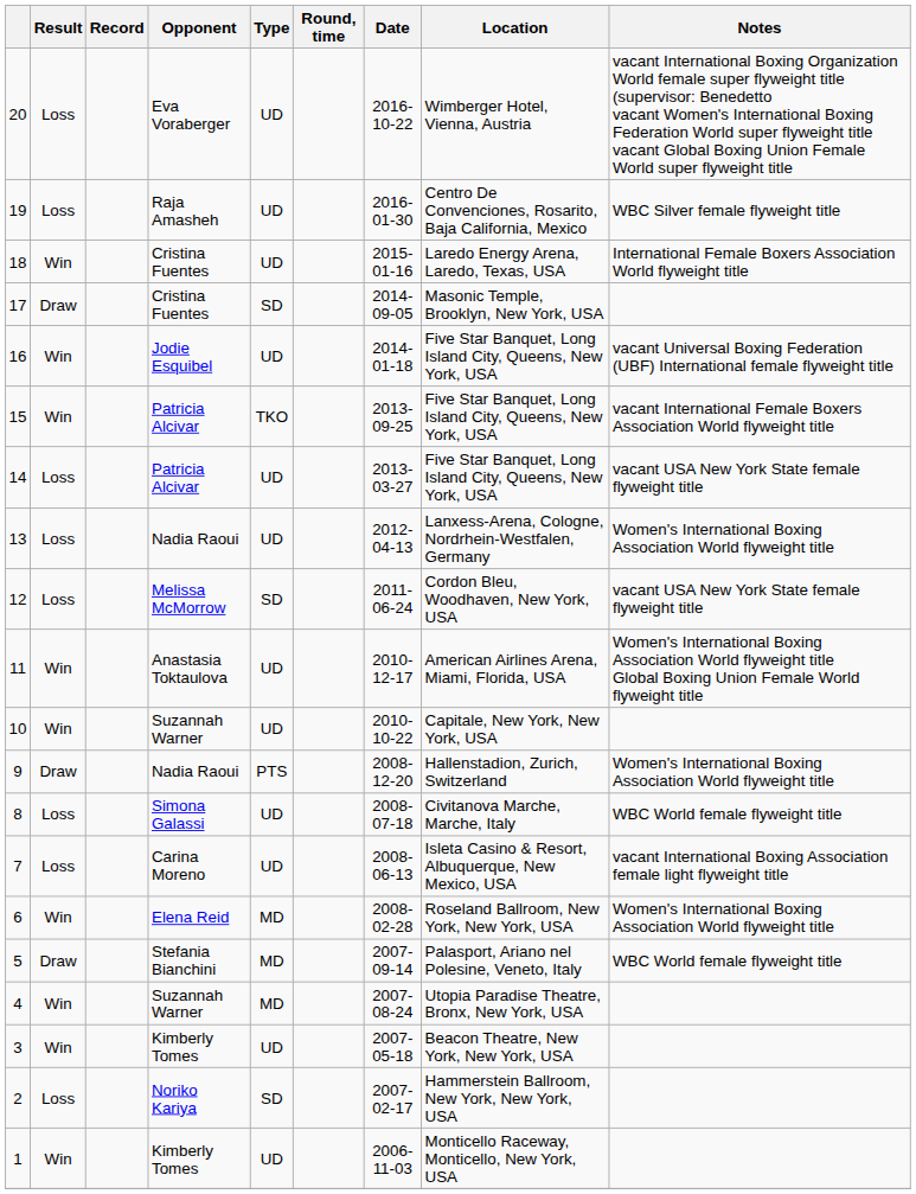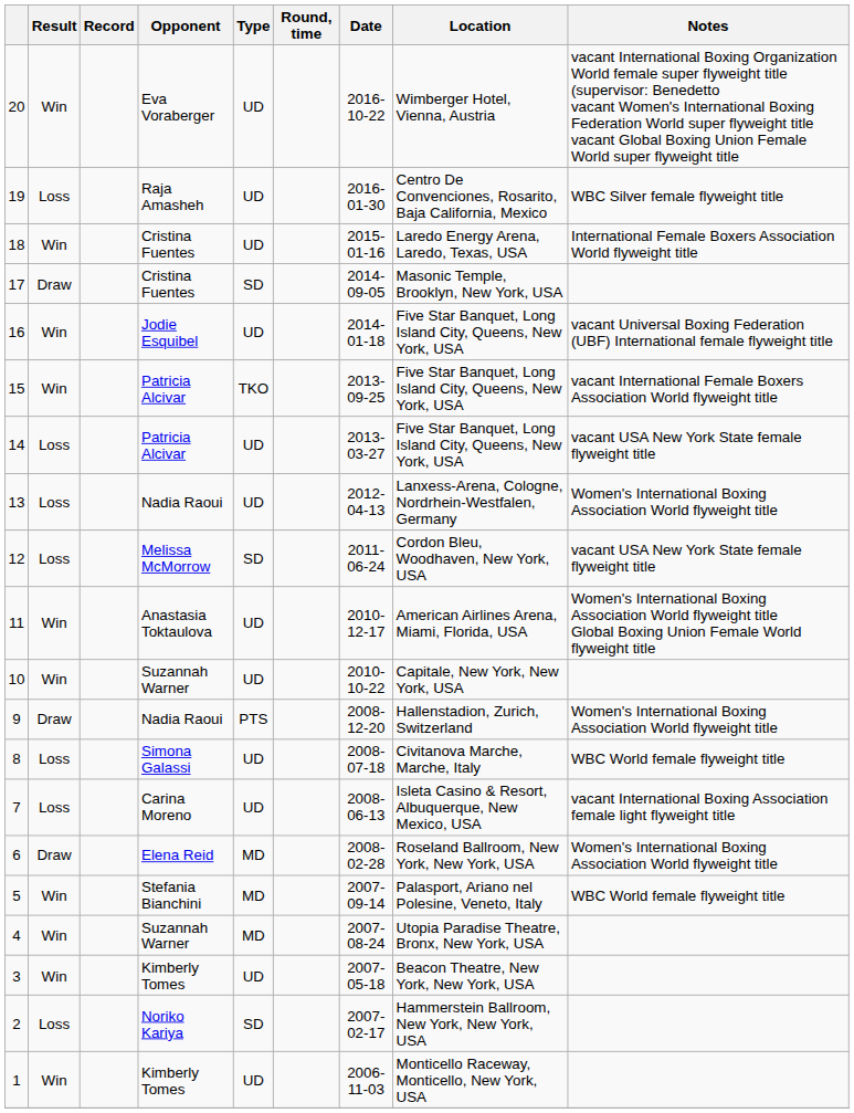 <table class="wikitable" style="text-align:center; font-size:95%">
 <tr>
 <th></th>
 <th>Result</th>
 <th>Record</th>
 <th>Opponent</th>
 <th>Type</th>
 <th>Round, time</th>
 <th>Date</th>
 <th>Location</th>
 <th>Notes</th>
 </tr>
 <tr>
 <td>20</td>
-<td>Loss</td>
+<td>Win</td>
 <td></td>
 <td style="text-align:left;">Eva Voraberger</td>
 <td>UD</td>
 <td></td>
 <td>2016-10-22</td>
 <td style="text-align:left;">Wimberger Hotel, Vienna, Austria</td>
 <td style="text-align:left;">vacant International Boxing Organization World female super flyweight title (supervisor: Benedetto<br>vacant Women's International Boxing Federation World super flyweight title  vacant Global Boxing Union Female World super flyweight title</td>
 </tr>
 <tr>
 <td>19</td>
 <td>Loss</td>
 <td></td>
 <td style="text-align:left;">Raja Amasheh</td>
 <td>UD</td>
 <td></td>
 <td>2016-01-30</td>
 <td style="text-align:left;">Centro De Convenciones, Rosarito, Baja California, Mexico</td>
 <td style="text-align:left;">WBC Silver female flyweight title</td>
 </tr>
 <tr>
 <td>18</td>
 <td>Win</td>
 <td></td>
 <td style="text-align:left;">Cristina Fuentes</td>
 <td>UD</td>
 <td></td>
 <td>2015-01-16</td>
 <td style="text-align:left;">Laredo Energy Arena, Laredo, Texas, USA</td>
 <td style="text-align:left;">International Female Boxers Association World flyweight title</td>
 </tr>
 <tr>
 <td>17</td>
 <td>Draw</td>
 <td></td>
 <td style="text-align:left;">Cristina Fuentes</td>
 <td>SD</td>
 <td></td>
 <td>2014-09-05</td>
 <td style="text-align:left;">Masonic Temple, Brooklyn, New York, USA</td>
 <td style="text-align:left;"></td>
 </tr>
 <tr>
 <td>16</td>
 <td>Win</td>
 <td></td>
 <td style="text-align:left;"> <a href='#'>Jodie Esquibel</a></td>
 <td>UD</td>
 <td></td>
 <td>2014-01-18</td>
 <td style="text-align:left;">Five Star Banquet, Long Island City, Queens, New York, USA</td>
 <td style="text-align:left;">vacant Universal Boxing Federation (UBF) International female flyweight title</td>
 </tr>
 <tr>
 <td>15</td>
 <td>Win</td>
 <td></td>
 <td style="text-align:left;"> <a href='#'>Patricia Alcivar</a></td>
 <td>TKO</td>
 <td></td>
 <td>2013-09-25</td>
 <td style="text-align:left;">Five Star Banquet, Long Island City, Queens, New York, USA</td>
 <td style="text-align:left;">vacant International Female Boxers Association World flyweight title</td>
 </tr>
 <tr>
 <td>14</td>
 <td>Loss</td>
 <td></td>
 <td style="text-align:left;"> <a href='#'>Patricia Alcivar</a></td>
 <td>UD</td>
 <td></td>
 <td>2013-03-27</td>
 <td style="text-align:left;">Five Star Banquet, Long Island City, Queens, New York, USA</td>
 <td style="text-align:left;">vacant USA New York State female flyweight title</td>
 </tr>
 <tr>
 <td>13</td>
 <td>Loss</td>
 <td></td>
 <td style="text-align:left;">Nadia Raoui</td>
 <td>UD</td>
 <td></td>
 <td>2012-04-13</td>
 <td style="text-align:left;">Lanxess-Arena, Cologne, Nordrhein-Westfalen, Germany</td>
 <td style="text-align:left;">Women's International Boxing Association World flyweight title</td>
 </tr>
 <tr>
 <td>12</td>
 <td>Loss</td>
 <td></td>
 <td style="text-align:left;"> <a href='#'>Melissa McMorrow</a></td>
 <td>SD</td>
 <td></td>
 <td>2011-06-24</td>
 <td style="text-align:left;">Cordon Bleu, Woodhaven, New York, USA</td>
 <td style="text-align:left;">vacant USA New York State female flyweight title</td>
 </tr>
 <tr>
 <td>11</td>
 <td>Win</td>
 <td></td>
 <td style="text-align:left;">Anastasia Toktaulova</td>
 <td>UD</td>
 <td></td>
 <td>2010-12-17</td>
 <td style="text-align:left;">American Airlines Arena, Miami, Florida, USA</td>
 <td style="text-align:left;">Women's International Boxing Association World flyweight title<br>Global Boxing Union Female World flyweight title</td>
 </tr>
 <tr>
 <td>10</td>
 <td>Win</td>
 <td></td>
 <td style="text-align:left;">Suzannah Warner</td>
 <td>UD</td>
 <td></td>
 <td>2010-10-22</td>
 <td style="text-align:left;">Capitale, New York, New York, USA</td>
 <td style="text-align:left;"></td>
 </tr>
 <tr>
 <td>9</td>
 <td>Draw</td>
 <td></td>
 <td style="text-align:left;">Nadia Raoui</td>
 <td>PTS</td>
 <td></td>
 <td>2008-12-20</td>
 <td style="text-align:left;">Hallenstadion, Zurich, Switzerland</td>
 <td style="text-align:left;">Women's International Boxing Association World flyweight title</td>
 </tr>
 <tr>
 <td>8</td>
 <td>Loss</td>
 <td></td>
 <td style="text-align:left;"> <a href='#'>Simona Galassi</a></td>
 <td>UD</td>
 <td></td>
 <td>2008-07-18</td>
 <td style="text-align:left;">Civitanova Marche, Marche, Italy</td>
 <td style="text-align:left;">WBC World female flyweight title</td>
 </tr>
 <tr>
 <td>7</td>
 <td>Loss</td>
 <td></td>
 <td style="text-align:left;">Carina Moreno</td>
 <td>UD</td>
 <td></td>
 <td>2008-06-13</td>
 <td style="text-align:left;">Isleta Casino & Resort, Albuquerque, New Mexico, USA</td>
 <td style="text-align:left;">vacant International Boxing Association female light flyweight title</td>
 </tr>
 <tr>
 <td>6</td>
-<td>Win</td>
+<td>Draw</td>
 <td></td>
 <td style="text-align:left;"> <a href='#'>Elena Reid</a></td>
 <td>MD</td>
 <td></td>
 <td>2008-02-28</td>
 <td style="text-align:left;">Roseland Ballroom, New York, New York, USA</td>
 <td style="text-align:left;">Women's International Boxing Association World flyweight title</td>
 </tr>
 <tr>
 <td>5</td>
-<td>Draw</td>
+<td>Win</td>
 <td></td>
 <td style="text-align:left;">Stefania Bianchini</td>
 <td>MD</td>
 <td></td>
 <td>2007-09-14</td>
 <td style="text-align:left;">Palasport, Ariano nel Polesine, Veneto, Italy</td>
 <td style="text-align:left;">WBC World female flyweight title</td>
 </tr>
 <tr>
 <td>4</td>
 <td>Win</td>
 <td></td>
 <td style="text-align:left;">Suzannah Warner</td>
 <td>MD</td>
 <td></td>
 <td>2007-08-24</td>
 <td style="text-align:left;">Utopia Paradise Theatre, Bronx, New York, USA</td>
 <td style="text-align:left;"></td>
 </tr>
 <tr>
 <td>3</td>
 <td>Win</td>
 <td></td>
 <td style="text-align:left;">Kimberly Tomes</td>
 <td>UD</td>
 <td></td>
 <td>2007-05-18</td>
 <td style="text-align:left;">Beacon Theatre, New York, New York, USA</td>
 <td style="text-align:left;"></td>
 </tr>
 <tr>
 <td>2</td>
 <td>Loss</td>
 <td></td>
 <td style="text-align:left;"> <a href='#'>Noriko Kariya</a></td>
 <td>SD</td>
 <td></td>
 <td>2007-02-17</td>
 <td style="text-align:left;">Hammerstein Ballroom, New York, New York, USA</td>
 <td style="text-align:left;"></td>
 </tr>
 <tr>
 <td>1</td>
 <td>Win</td>
 <td></td>
 <td style="text-align:left;">Kimberly Tomes</td>
 <td>UD</td>
 <td></td>
 <td>2006-11-03</td>
 <td style="text-align:left;">Monticello Raceway, Monticello, New York, USA</td>
 <td style="text-align:left;"></td>
 </tr>
 <tr>
 </tr>
 </table>
